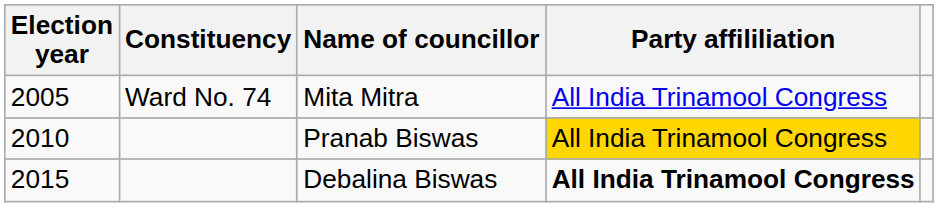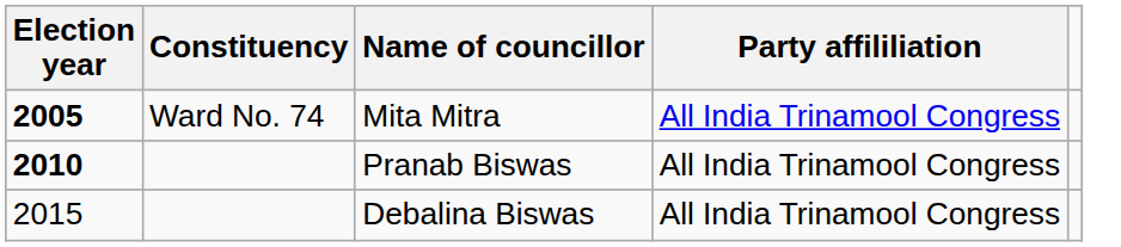 <table class="wikitable"ìÍĦĤĠčw>
 <tr>
 <th>Election<br> year</th>
 <th>Constituency</th>
 <th>Name of councillor</th>
 <th>Party affililiation</th>
 </tr>
 <tr>
-<td>2005</td>
+<td><strong>2005</strong></td>
 <td>Ward No. 74</td>
 <td>Mita Mitra</td>
 <td><a href='#'>All India Trinamool Congress</a></td>
 <td></td>
 </tr>
 <tr>
-<td>2010</td>
+<td><strong>2010</strong></td>
 <td></td>
 <td>Pranab Biswas</td>
-<td style="background: gold;">All India Trinamool Congress</td>
+<td>All India Trinamool Congress</td>
 <td></td>
 </tr>
 <tr>
 <td>2015</td>
 <td></td>
 <td>Debalina Biswas</td>
-<td><strong>All India Trinamool Congress</strong></td>
+<td>All India Trinamool Congress</td>
 <td></td>
 </tr>
 </table>
